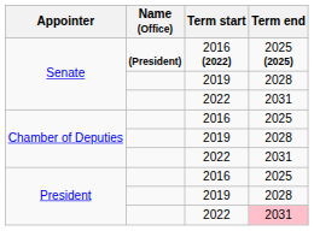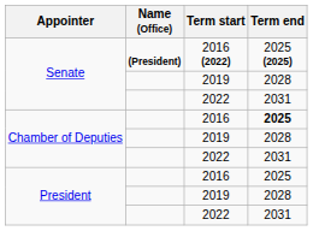 <table class="wikitable" style="text-align:center">
 <tr>
 <th>Appointer</th>
 <th>Name<br><small>(Office)</small></th>
 <th>Term start</th>
 <th>Term end</th>
 </tr>
 <tr>
 <td rowspan=3><a href='#'>Senate</a></td>
 <td><br><small><strong>(President)</strong></small></td>
 <td>2016<br><small><strong>(2022)</strong></small></td>
 <td>2025<br><small><strong>(2025)</strong></small></td>
 </tr>
 <tr>
 <td></td>
 <td>2019</td>
 <td>2028</td>
 </tr>
 <tr>
 <td></td>
 <td>2022</td>
 <td>2031</td>
 </tr>
 <tr>
 <td rowspan=3><a href='#'>Chamber of Deputies</a></td>
 <td></td>
 <td>2016</td>
-<td>2025</td>
+<td><strong>2025</strong></td>
 </tr>
 <tr>
 <td></td>
 <td>2019</td>
 <td>2028</td>
 </tr>
 <tr>
 <td></td>
 <td>2022</td>
 <td>2031</td>
 </tr>
 <tr>
 <td rowspan=3><a href='#'>President</a></td>
 <td></td>
 <td>2016</td>
 <td>2025</td>
 </tr>
 <tr>
 <td></td>
 <td>2019</td>
 <td>2028</td>
 </tr>
 <tr>
 <td></td>
 <td>2022</td>
-<td style="background: pink;">2031</td>
+<td>2031</td>
 </tr>
 </table>
